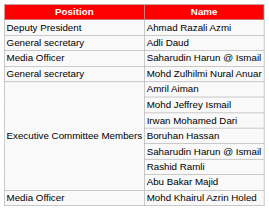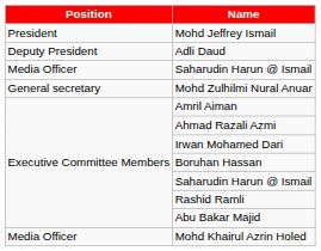 <table class="wikitable">
 <tr>
 <th style="background:Red; color:white;">Position</th>
 <th style="background:Red; color:white;">Name</th>
 </tr>
 <tr>
-<td>Deputy President</td>
-<td> Ahmad Razali Azmi</td>
+<td>President</td>
+<td> Mohd Jeffrey Ismail</td>
 </tr>
 <tr>
-<td>General secretary</td>
+<td>Deputy President</td>
 <td> Adli Daud</td>
 </tr>
 <tr>
 <td>Media Officer</td>
 <td> Saharudin Harun @ Ismail</td>
 </tr>
 <tr>
 <td>General secretary</td>
 <td> Mohd Zulhilmi Nural Anuar</td>
 </tr>
 <tr>
 <td rowspan="7">Executive Committee Members</td>
 <td> Amril Aiman</td>
 </tr>
 <tr>
-<td> Mohd Jeffrey Ismail</td>
+<td> Ahmad Razali Azmi</td>
 </tr>
 <tr>
 <td> Irwan Mohamed Dari</td>
 </tr>
 <tr>
 <td> Boruhan Hassan</td>
 </tr>
 <tr>
 <td> Saharudin Harun @ Ismail</td>
 </tr>
 <tr>
 <td> Rashid Ramli</td>
 </tr>
 <tr>
 <td> Abu Bakar Majid</td>
 </tr>
 <tr>
 <td>Media Officer</td>
 <td> Mohd Khairul Azrin Holed</td>
 </tr>
 </table>
